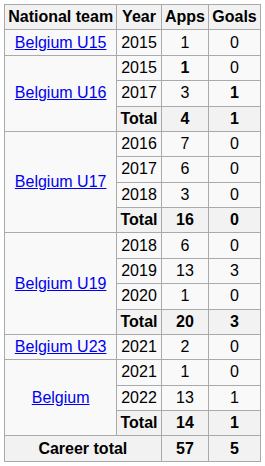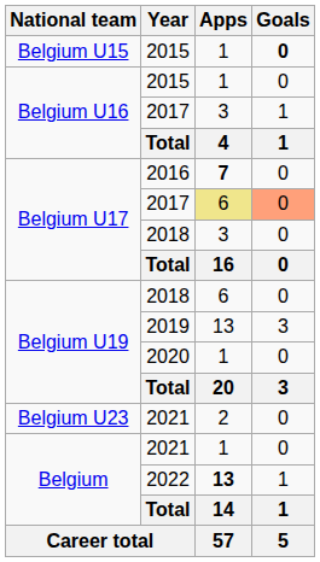 <table class="wikitable" style="text-align:center;">
 <tr>
 <th>National team</th>
 <th>Year</th>
 <th>Apps</th>
 <th>Goals</th>
 </tr>
 <tr>
 <td><a href='#'>Belgium U15</a></td>
 <td>2015</td>
 <td>1</td>
-<td>0</td>
+<td><strong>0</strong></td>
 </tr>
 <tr>
 <td rowspan=3><a href='#'>Belgium U16</a></td>
 <td>2015</td>
-<td><strong>1</strong></td>
+<td>1</td>
 <td>0</td>
 </tr>
 <tr>
 <td>2017</td>
 <td>3</td>
-<td><strong>1</strong></td>
+<td>1</td>
 </tr>
 <tr>
 <th>Total</th>
 <th>4</th>
 <th>1</th>
 </tr>
 <tr>
 <td rowspan=4><a href='#'>Belgium U17</a></td>
 <td>2016</td>
-<td>7</td>
+<td><strong>7</strong></td>
 <td>0</td>
 </tr>
 <tr>
 <td>2017</td>
-<td>6</td>
-<td>0</td>
+<td style="background: khaki;">6</td>
+<td style="background: lightsalmon;">0</td>
 </tr>
 <tr>
 <td>2018</td>
 <td>3</td>
 <td>0</td>
 </tr>
 <tr>
 <th>Total</th>
 <th>16</th>
 <th>0</th>
 </tr>
 <tr>
 <td rowspan=4><a href='#'>Belgium U19</a></td>
 <td>2018</td>
 <td>6</td>
 <td>0</td>
 </tr>
 <tr>
 <td>2019</td>
 <td>13</td>
 <td>3</td>
 </tr>
 <tr>
 <td>2020</td>
 <td>1</td>
 <td>0</td>
 </tr>
 <tr>
 <th>Total</th>
 <th>20</th>
 <th>3</th>
 </tr>
 <tr>
 <td><a href='#'>Belgium U23</a></td>
 <td>2021</td>
 <td>2</td>
 <td>0</td>
 </tr>
 <tr>
 <td rowspan=3><a href='#'>Belgium</a></td>
 <td>2021</td>
 <td>1</td>
 <td>0</td>
 </tr>
 <tr>
 <td>2022</td>
-<td>13</td>
+<td><strong>13</strong></td>
 <td>1</td>
 </tr>
 <tr>
 <th>Total</th>
 <th>14</th>
 <th>1</th>
 </tr>
 <tr>
 <th colspan=2>Career total</th>
 <th>57</th>
 <th>5</th>
 </tr>
 </table>
